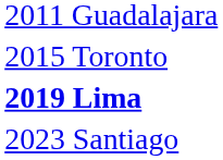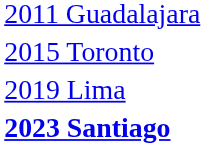 <table>
 <tr>
 <td></td>
 <td></td>
 <td></td>
 <td></td>
 </tr>
 <tr>
 <td><a href='#'>2011 Guadalajara</a></td>
 <td></td>
 <td></td>
 <td></td>
 </tr>
 <tr>
 <td><a href='#'>2015 Toronto</a></td>
 <td></td>
 <td></td>
 <td></td>
 </tr>
 <tr>
-<td><strong><a href='#'>2019 Lima</a></strong></td>
+<td><a href='#'>2019 Lima</a></td>
 <td></td>
 <td></td>
 <td></td>
 </tr>
 <tr>
-<td><a href='#'>2023 Santiago</a></td>
+<td><strong><a href='#'>2023 Santiago</a></strong></td>
 <td></td>
 <td></td>
 <td></td>
 </tr>
 </table>
